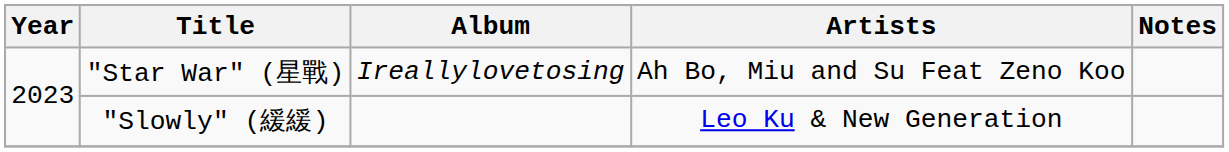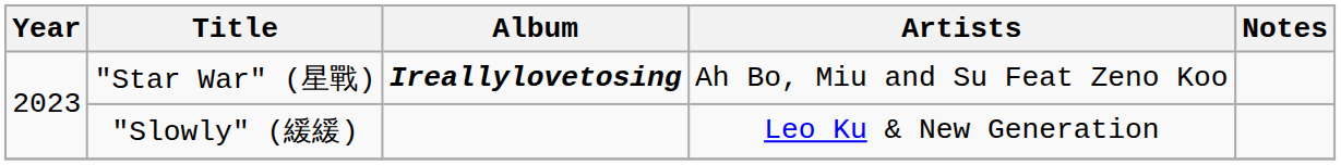 <table class="wikitable plainrowheaders" style="text-align:center;">
 <tr>
 <th>Year</th>
 <th>Title</th>
 <th>Album</th>
 <th>Artists</th>
 <th>Notes</th>
 </tr>
 <tr>
 <td rowspan="2">2023</td>
 <td>"Star War" (星戰)</td>
-<td><em>Ireallylovetosing</em></td>
+<td><strong><em>Ireallylovetosing</em></strong></td>
 <td>Ah Bo, Miu and Su Feat Zeno Koo</td>
 <td></td>
 </tr>
 <tr>
 <td>"Slowly" (緩緩)</td>
 <td></td>
 <td><a href='#'>Leo Ku</a> & New Generation</td>
 <td></td>
 </tr>
 <tr>
 </tr>
 </table>
